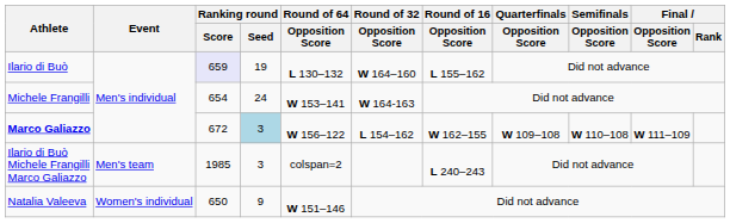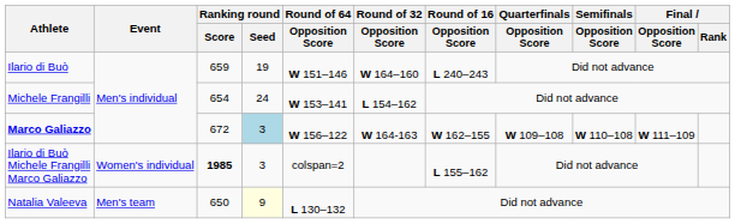 <table class="wikitable" style="font-size:90%">
 <tr>
 <th rowspan="2">Athlete</th>
 <th rowspan="2">Event</th>
 <th colspan="2">Ranking round</th>
 <th>Round of 64</th>
 <th>Round of 32</th>
 <th>Round of 16</th>
 <th>Quarterfinals</th>
 <th>Semifinals</th>
 <th colspan="2">Final / </th>
 </tr>
 <tr style="font-size:95%">
 <th>Score</th>
 <th>Seed</th>
 <th>Opposition<br>Score</th>
 <th>Opposition<br>Score</th>
 <th>Opposition<br>Score</th>
 <th>Opposition<br>Score</th>
 <th>Opposition<br>Score</th>
 <th>Opposition<br>Score</th>
 <th>Rank</th>
 </tr>
 <tr align=center>
 <td align=left><a href='#'>Ilario di Buò</a></td>
 <td align=left rowspan=3><a href='#'>Men's individual</a></td>
-<td style="background: lavender;">659</td>
+<td>659</td>
 <td>19</td>
-<td><br><strong>L</strong> 130–132</td>
+<td><br><strong>W</strong> 151–146</td>
 <td><br><strong>W</strong> 164–160</td>
-<td><br><strong>L</strong> 155–162</td>
+<td><br><strong>L</strong> 240–243</td>
 <td colspan=4>Did not advance</td>
 </tr>
 <tr align=center>
 <td align=left><a href='#'>Michele Frangilli</a></td>
 <td>654</td>
 <td>24</td>
 <td><br><strong>W</strong> 153–141</td>
-<td><br><strong>W</strong> 164-163</td>
+<td><br><strong>L</strong> 154–162</td>
 <td colspan=5>Did not advance</td>
 </tr>
 <tr align=center>
 <td align=left><strong><a href='#'>Marco Galiazzo</a></strong></td>
 <td>672</td>
 <td style="background: lightblue;">3</td>
 <td><br><strong>W</strong> 156–122</td>
-<td><br><strong>L</strong> 154–162</td>
+<td><br><strong>W</strong> 164-163</td>
 <td><br><strong>W</strong> 162–155</td>
 <td><br><strong>W</strong> 109–108</td>
 <td><br><strong>W</strong> 110–108</td>
 <td><br><strong>W</strong> 111–109</td>
 <td></td>
 </tr>
 <tr align=center>
 <td align=left><a href='#'>Ilario di Buò</a><br><a href='#'>Michele Frangilli</a><br><a href='#'>Marco Galiazzo</a></td>
-<td align=left><a href='#'>Men's team</a></td>
-<td>1985</td>
+<td align=left><a href='#'>Women's individual</a></td>
+<td><strong>1985</strong></td>
 <td>3</td>
 <td>colspan=2 </td>
 <td></td>
-<td><br><strong>L</strong> 240–243</td>
+<td><br><strong>L</strong> 155–162</td>
 <td colspan=3>Did not advance</td>
 </tr>
 <tr align=center>
 <td align=left><a href='#'>Natalia Valeeva</a></td>
-<td align=left><a href='#'>Women's individual</a></td>
+<td align=left><a href='#'>Men's team</a></td>
 <td>650</td>
-<td>9</td>
-<td><br><strong>W</strong> 151–146</td>
+<td style="background: lightyellow;">9</td>
+<td><br><strong>L</strong> 130–132</td>
 <td colspan=6>Did not advance</td>
 </tr>
 </table>
